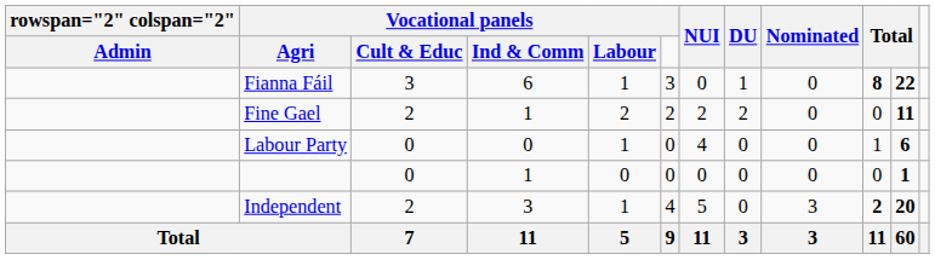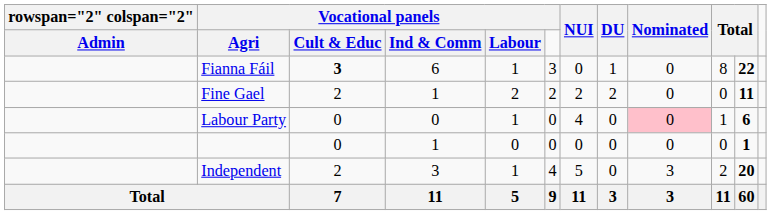 <table class="wikitable">
 <tr>
 <th>rowspan="2" colspan="2" </th>
 <th scope="col" colspan="5"><a href='#'>Vocational panels</a></th>
 <th rowspan="2"><a href='#'>NUI</a></th>
 <th rowspan="2"><a href='#'>DU</a></th>
 <th rowspan="2"><a href='#'>Nominated</a></th>
 <th rowspan="2" colspan="2">Total</th>
 </tr>
 <tr>
 <th scope="col"><a href='#'>Admin</a></th>
 <th scope="col"><a href='#'>Agri</a></th>
 <th scope="col"><a href='#'>Cult & Educ</a></th>
 <th scope="col"><a href='#'>Ind & Comm</a></th>
 <th scope="col"><a href='#'>Labour</a></th>
 </tr>
 <tr style="text-align:center">
 <td style="background-color: "></td>
 <td align="left"><a href='#'>Fianna Fáil</a></td>
-<td>3</td>
+<td><strong>3</strong></td>
 <td>6</td>
 <td>1</td>
 <td>3</td>
 <td>0</td>
 <td>1</td>
 <td>0</td>
-<td><strong>8</strong></td>
+<td>8</td>
 <td><strong>22</strong></td>
 <td style="background-color: "></td>
 </tr>
 <tr style="text-align:center">
 <td style="background-color: "></td>
 <td align="left"><a href='#'>Fine Gael</a></td>
 <td>2</td>
 <td>1</td>
 <td>2</td>
 <td>2</td>
 <td>2</td>
 <td>2</td>
 <td>0</td>
 <td>0</td>
 <td><strong>11</strong></td>
 <td style="background-color: "></td>
 </tr>
 <tr style="text-align:center">
 <td style="background-color: "></td>
 <td align="left"><a href='#'>Labour Party</a></td>
 <td>0</td>
 <td>0</td>
 <td>1</td>
 <td>0</td>
 <td>4</td>
 <td>0</td>
-<td>0</td>
+<td style="background: pink;">0</td>
 <td>1</td>
 <td><strong>6</strong></td>
 <td style="background-color: "></td>
 </tr>
 <tr style="text-align:center">
 <td style="background-color: "></td>
 <td align="left"></td>
 <td>0</td>
 <td>1</td>
 <td>0</td>
 <td>0</td>
 <td>0</td>
 <td>0</td>
 <td>0</td>
 <td>0</td>
 <td><strong>1</strong></td>
 <td style="background-color: "></td>
 </tr>
 <tr style="text-align:center">
 <td style="background-color: "></td>
 <td align="left"><a href='#'>Independent</a></td>
 <td>2</td>
 <td>3</td>
 <td>1</td>
 <td>4</td>
 <td>5</td>
 <td>0</td>
 <td>3</td>
-<td><strong>2</strong></td>
+<td>2</td>
 <td><strong>20</strong></td>
 <td style="background-color: "></td>
 </tr>
 <tr style="text-align:center">
 <th colspan="2">Total</th>
 <th>7</th>
 <th>11</th>
 <th>5</th>
 <th>9</th>
 <th>11</th>
 <th>3</th>
 <th>3</th>
 <th>11</th>
 <th>60</th>
 <th></th>
 </tr>
 </table>
